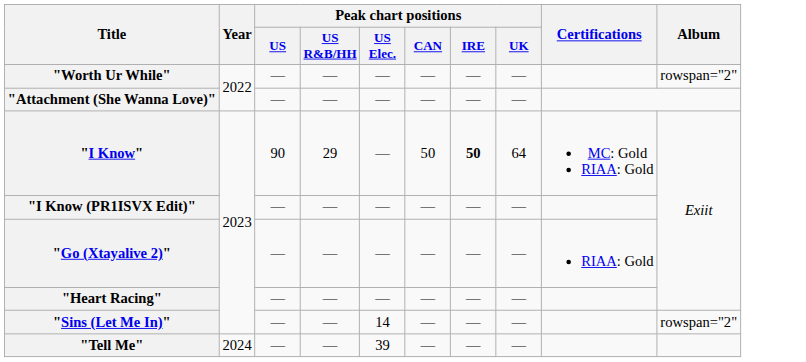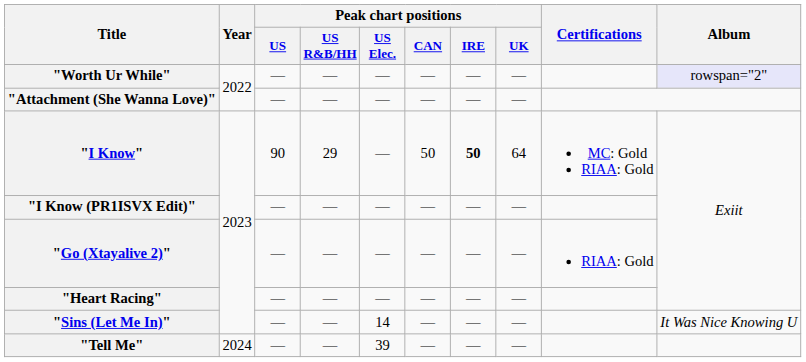 <table class="wikitable plainrowheaders" style="text-align:center;">
 <tr>
 <th rowspan="2">Title</th>
 <th rowspan="2">Year</th>
 <th colspan="6">Peak chart positions</th>
 <th rowspan="2"><a href='#'>Certifications</a></th>
 <th rowspan="2">Album</th>
 </tr>
 <tr>
 <th scope="col" style="width:3em;font-size:90%;"><a href='#'>US</a><br></th>
 <th scope="col" style="width:3em;font-size:90%;"><a href='#'>US<br>R&B/HH</a><br></th>
 <th scope="col" style="width:3em;font-size:90%;"><a href='#'>US<br>Elec.</a><br></th>
 <th scope="col" style="width:3em;font-size:90%;"><a href='#'>CAN</a><br></th>
 <th scope="col" style="width:3em;font-size:90%;"><a href='#'>IRE</a><br></th>
 <th scope="col" style="width:3em;font-size:90%;"><a href='#'>UK</a><br></th>
 </tr>
 <tr>
 <th scope="row">"Worth Ur While"</th>
 <td rowspan="2">2022</td>
 <td>—</td>
 <td>—</td>
 <td>—</td>
 <td>—</td>
 <td>—</td>
 <td>—</td>
 <td></td>
-<td>rowspan="2" </td>
+<td style="background: lavender;">rowspan="2" </td>
 </tr>
 <tr>
 <th scope="row">"Attachment (She Wanna Love)"<br></th>
 <td>—</td>
 <td>—</td>
 <td>—</td>
 <td>—</td>
 <td>—</td>
 <td>—</td>
 </tr>
 <tr>
 <th scope="row">"<a href='#'>I Know</a>"</th>
 <td rowspan="5">2023</td>
 <td>90</td>
 <td>29</td>
 <td>—</td>
 <td>50</td>
 <td><strong>50</strong></td>
 <td>64</td>
 <td><br><ul><li><a href='#'>MC</a>: Gold</li><li><a href='#'>RIAA</a>: Gold</li></ul></td>
 <td rowspan="4"><em>Exiit</em></td>
 </tr>
 <tr>
 <th scope="row">"I Know (PR1ISVX Edit)"</th>
 <td>—</td>
 <td>—</td>
 <td>—</td>
 <td>—</td>
 <td>—</td>
 <td>—</td>
 </tr>
 <tr>
 <th scope="row">"<a href='#'>Go (Xtayalive 2)</a>"<br></th>
 <td>—</td>
 <td>—</td>
 <td>—</td>
 <td>—</td>
 <td>—</td>
 <td>—</td>
 <td><br><ul><li><a href='#'>RIAA</a>: Gold</li></ul></td>
 </tr>
 <tr>
 <th scope="row">"Heart Racing"<br></th>
 <td>—</td>
 <td>—</td>
 <td>—</td>
 <td>—</td>
 <td>—</td>
 <td>—</td>
 </tr>
 <tr>
 <th scope="row">"<a href='#'>Sins (Let Me In)</a>"</th>
 <td>—</td>
 <td>—</td>
 <td>14</td>
 <td>—</td>
 <td>—</td>
 <td>—</td>
 <td></td>
-<td>rowspan="2" </td>
+<td><em>It Was Nice Knowing U</em></td>
 </tr>
 <tr>
 <th scope="row">"Tell Me"<br></th>
 <td>2024</td>
 <td>—</td>
 <td>—</td>
 <td>39</td>
 <td>—</td>
 <td>—</td>
 <td>—</td>
 <td></td>
 <td></td>
 </tr>
 </table>
